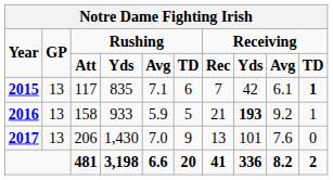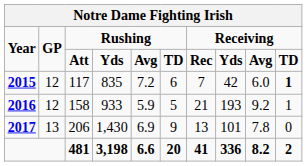 <table class="wikitable" style="text-align:center;">
 <tr>
 <th colspan="10">Notre Dame Fighting Irish</th>
 </tr>
 <tr>
 <td rowspan="2"><strong>Year</strong></td>
 <td rowspan="2"><strong>GP</strong></td>
 <td colspan="4"><strong>Rushing</strong></td>
 <td colspan="4"><strong>Receiving</strong></td>
 </tr>
 <tr>
 <td style="font-weight:bold;">Att</td>
 <td style="font-weight:bold;">Yds</td>
 <td style="font-weight:bold;">Avg</td>
 <td style="font-weight:bold;">TD</td>
 <td style="font-weight:bold;">Rec</td>
 <td style="font-weight:bold;">Yds</td>
 <td style="font-weight:bold;">Avg</td>
 <td style="font-weight:bold;">TD</td>
 </tr>
 <tr>
 <td><strong><a href='#'>2015</a></strong></td>
-<td>13</td>
+<td>12</td>
 <td>117</td>
 <td>835</td>
-<td>7.1</td>
+<td>7.2</td>
 <td>6</td>
 <td>7</td>
 <td>42</td>
-<td>6.1</td>
+<td>6.0</td>
 <td><strong>1</strong></td>
 </tr>
 <tr>
 <td><strong><a href='#'>2016</a></strong></td>
-<td>13</td>
+<td>12</td>
 <td>158</td>
 <td>933</td>
 <td>5.9</td>
 <td>5</td>
 <td>21</td>
-<td><strong>193</strong></td>
+<td>193</td>
 <td>9.2</td>
 <td>1</td>
 </tr>
 <tr>
 <td><strong><a href='#'>2017</a></strong></td>
 <td>13</td>
 <td>206</td>
 <td>1,430</td>
-<td>7.0</td>
+<td>6.9</td>
 <td>9</td>
 <td>13</td>
 <td>101</td>
-<td>7.6</td>
+<td>7.8</td>
 <td>0</td>
 </tr>
 <tr>
 <td colspan="2" style="font-weight:bold;"></td>
 <td style="font-weight:bold;">481</td>
 <td style="font-weight:bold;">3,198</td>
 <td style="font-weight:bold;">6.6</td>
 <td style="font-weight:bold;">20</td>
 <td style="font-weight:bold;">41</td>
 <td style="font-weight:bold;">336</td>
 <td style="font-weight:bold;">8.2</td>
 <td style="font-weight:bold;">2</td>
 </tr>
 </table>
